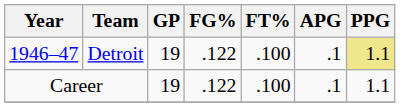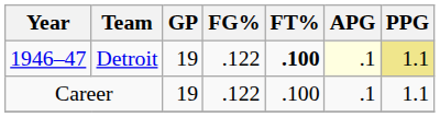 <table class="wikitable sortable" style="font-size:95%; text-align:right;">
 <tr>
 <th>Year</th>
 <th>Team</th>
 <th>GP</th>
 <th>FG%</th>
 <th>FT%</th>
 <th>APG</th>
 <th>PPG</th>
 </tr>
 <tr>
 <td style="text-align:left;"><a href='#'>1946–47</a></td>
 <td style="text-align:left;"><a href='#'>Detroit</a></td>
 <td>19</td>
 <td>.122</td>
-<td>.100</td>
-<td>.1</td>
+<td><strong>.100</strong></td>
+<td style="background: lightyellow;">.1</td>
 <td style="background: khaki;">1.1</td>
 </tr>
 <tr>
 <td style="text-align:center;" colspan="2">Career</td>
 <td>19</td>
 <td>.122</td>
 <td>.100</td>
 <td>.1</td>
 <td>1.1</td>
 </tr>
 <tr>
 </tr>
 </table>
